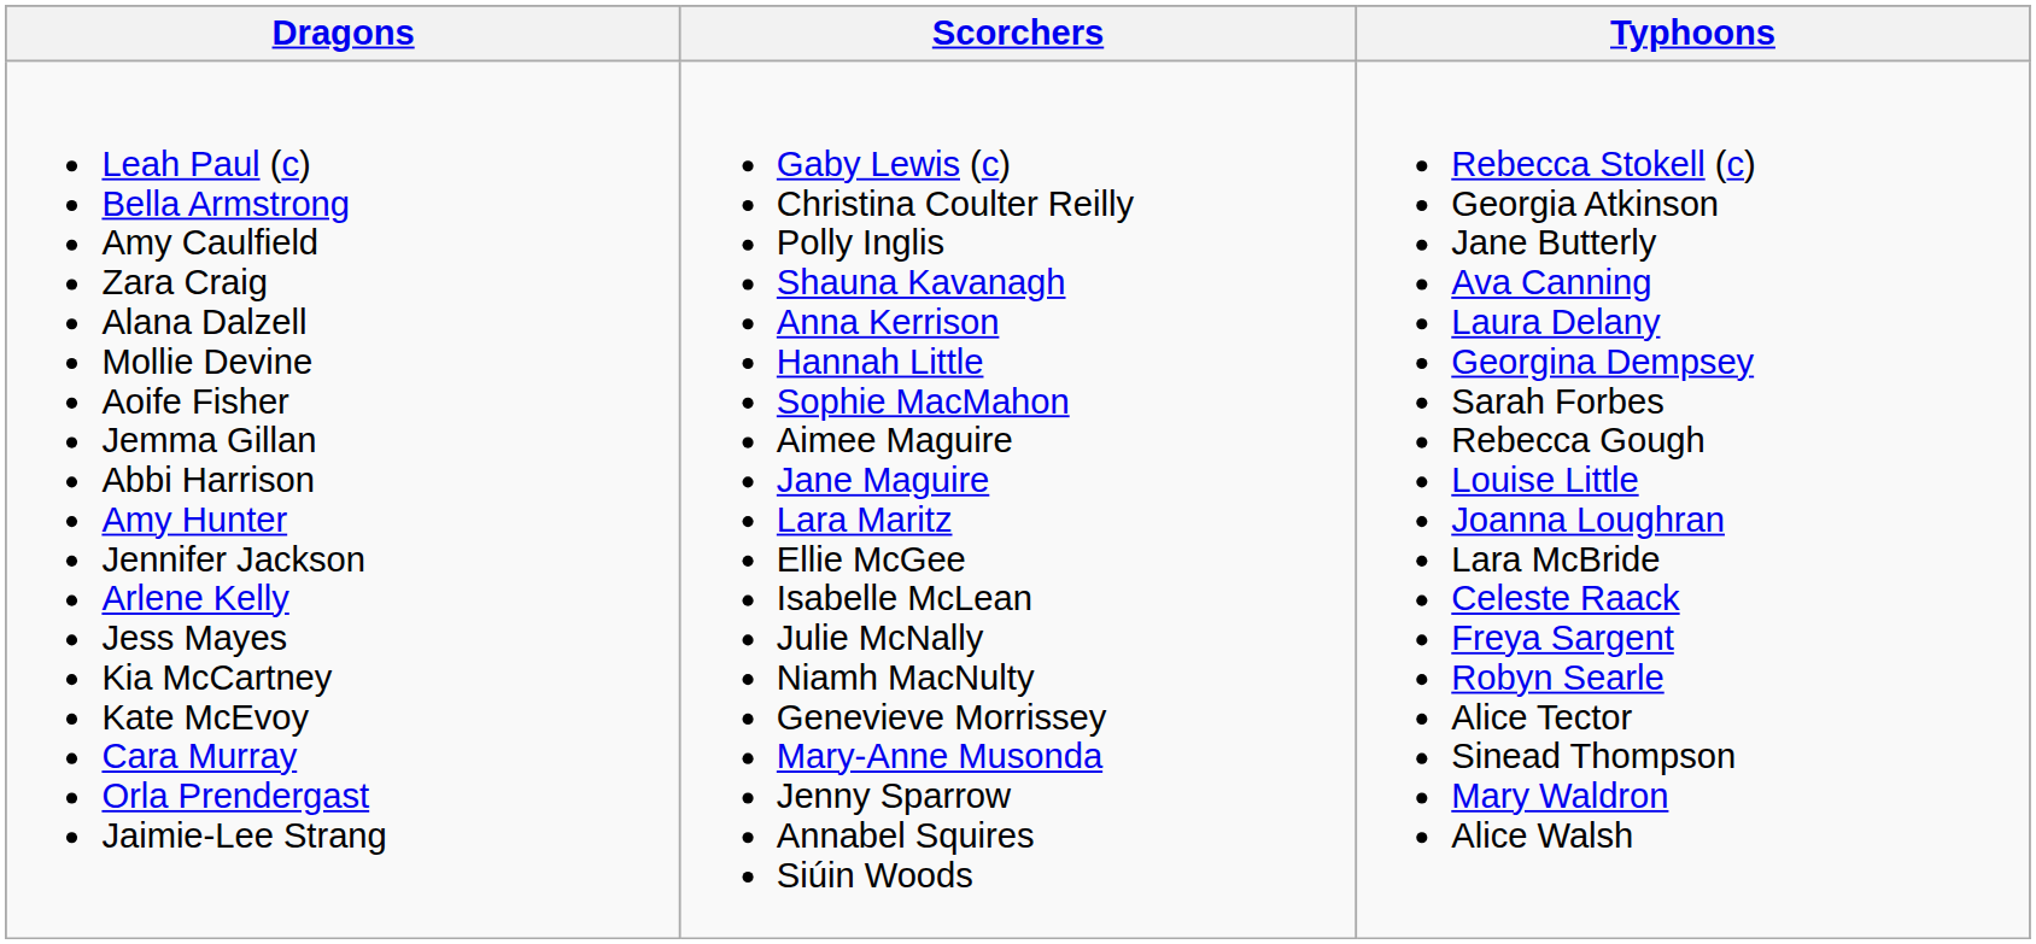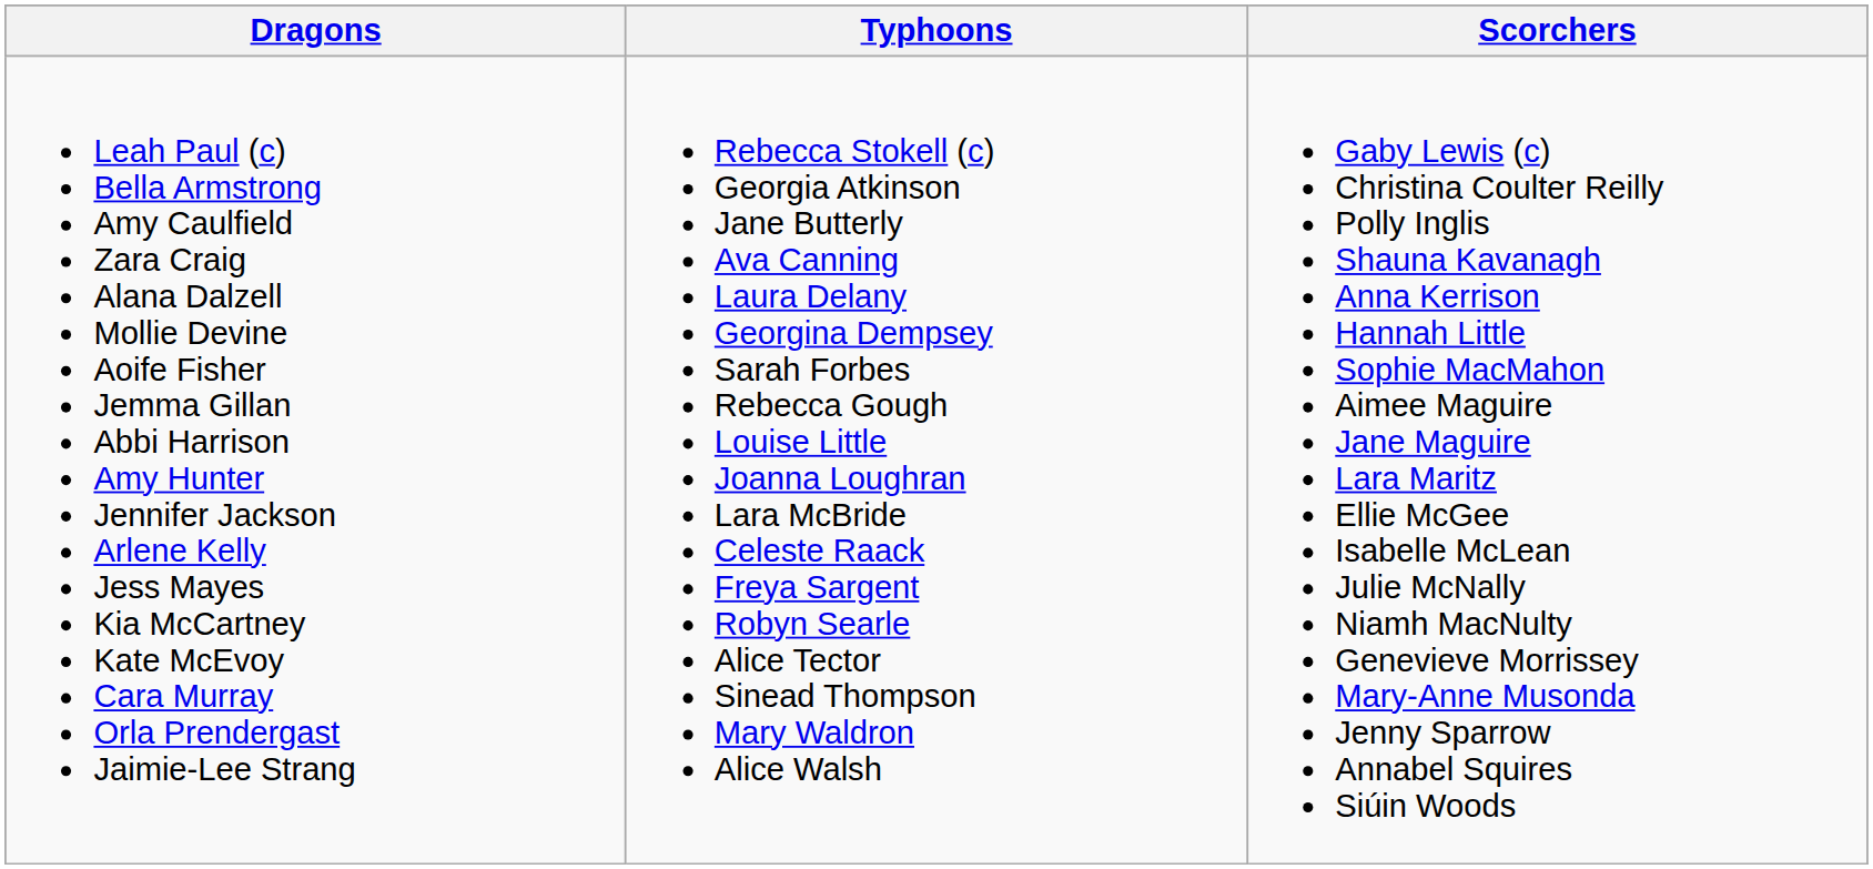 <table class="wikitable">
 <tr>
 <th width=300><a href='#'>Dragons</a></th>
+<th width=300><a href='#'>Typhoons</a></th>
 <th width=300><a href='#'>Scorchers</a></th>
-<th width=300><a href='#'>Typhoons</a></th>
 </tr>
 <tr>
 <td valign=top><br><ul><li><a href='#'>Leah Paul</a> (<a href='#'>c</a>)</li><li><a href='#'>Bella Armstrong</a></li><li>Amy Caulfield</li><li>Zara Craig</li><li>Alana Dalzell</li><li>Mollie Devine</li><li>Aoife Fisher</li><li>Jemma Gillan</li><li>Abbi Harrison</li><li><a href='#'>Amy Hunter</a></li><li>Jennifer Jackson</li><li><a href='#'>Arlene Kelly</a></li><li>Jess Mayes</li><li>Kia McCartney</li><li>Kate McEvoy</li><li><a href='#'>Cara Murray</a></li><li><a href='#'>Orla Prendergast</a></li><li>Jaimie-Lee Strang</li></ul></td>
+<td valign=top><br><ul><li><a href='#'>Rebecca Stokell</a> (<a href='#'>c</a>)</li><li>Georgia Atkinson</li><li>Jane Butterly</li><li><a href='#'>Ava Canning</a></li><li><a href='#'>Laura Delany</a></li><li><a href='#'>Georgina Dempsey</a></li><li>Sarah Forbes</li><li>Rebecca Gough</li><li><a href='#'>Louise Little</a></li><li><a href='#'>Joanna Loughran</a></li><li>Lara McBride</li><li><a href='#'>Celeste Raack</a></li><li><a href='#'>Freya Sargent</a></li><li><a href='#'>Robyn Searle</a></li><li>Alice Tector</li><li>Sinead Thompson</li><li><a href='#'>Mary Waldron</a></li><li>Alice Walsh</li></ul></td>
 <td valign=top><br><ul><li><a href='#'>Gaby Lewis</a> (<a href='#'>c</a>)</li><li>Christina Coulter Reilly</li><li>Polly Inglis</li><li><a href='#'>Shauna Kavanagh</a></li><li><a href='#'>Anna Kerrison</a></li><li><a href='#'>Hannah Little</a></li><li><a href='#'>Sophie MacMahon</a></li><li>Aimee Maguire</li><li><a href='#'>Jane Maguire</a></li><li><a href='#'>Lara Maritz</a></li><li>Ellie McGee</li><li>Isabelle McLean</li><li>Julie McNally</li><li>Niamh MacNulty</li><li>Genevieve Morrissey</li><li><a href='#'>Mary-Anne Musonda</a></li><li>Jenny Sparrow</li><li>Annabel Squires</li><li>Siúin Woods</li></ul></td>
-<td valign=top><br><ul><li><a href='#'>Rebecca Stokell</a> (<a href='#'>c</a>)</li><li>Georgia Atkinson</li><li>Jane Butterly</li><li><a href='#'>Ava Canning</a></li><li><a href='#'>Laura Delany</a></li><li><a href='#'>Georgina Dempsey</a></li><li>Sarah Forbes</li><li>Rebecca Gough</li><li><a href='#'>Louise Little</a></li><li><a href='#'>Joanna Loughran</a></li><li>Lara McBride</li><li><a href='#'>Celeste Raack</a></li><li><a href='#'>Freya Sargent</a></li><li><a href='#'>Robyn Searle</a></li><li>Alice Tector</li><li>Sinead Thompson</li><li><a href='#'>Mary Waldron</a></li><li>Alice Walsh</li></ul></td>
 </tr>
 </table>
